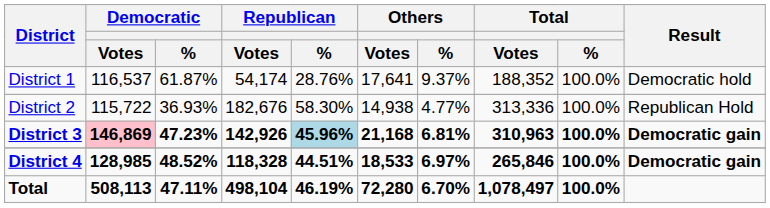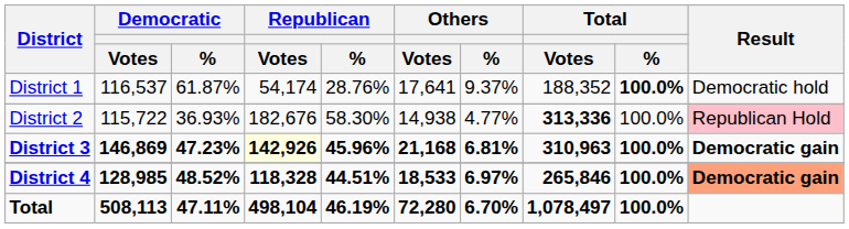 <table class="wikitable plainrowheaders sortable" style="font-size:100%; text-align:right;">
 <tr>
 <th scope=col rowspan=3><a href='#'>District</a></th>
 <th scope=col colspan=2><a href='#'>Democratic</a></th>
 <th scope=col colspan=2><a href='#'>Republican</a></th>
 <th scope=col colspan=2>Others</th>
 <th scope=col colspan=2>Total</th>
 <th scope=col rowspan=3>Result</th>
 </tr>
 <tr>
 <th scope=col colspan=2 style="background:"></th>
 <th scope=col colspan=2 style="background:"></th>
 <th scope=col colspan=2></th>
 <th scope=col colspan=2></th>
 </tr>
 <tr>
 <th scope=col data-sort-type="number">Votes</th>
 <th scope=col data-sort-type="number">%</th>
 <th scope=col data-sort-type="number">Votes</th>
 <th scope=col data-sort-type="number">%</th>
 <th scope=col data-sort-type="number">Votes</th>
 <th scope=col data-sort-type="number">%</th>
 <th scope=col data-sort-type="number">Votes</th>
 <th scope=col data-sort-type="number">%</th>
 </tr>
 <tr>
 <td align=left><a href='#'>District 1</a></td>
 <td>116,537</td>
 <td>61.87%</td>
 <td>54,174</td>
 <td>28.76%</td>
 <td>17,641</td>
 <td>9.37%</td>
 <td>188,352</td>
-<td>100.0%</td>
+<td><strong>100.0%</strong></td>
 <td align=left>Democratic hold</td>
 </tr>
 <tr class="sortbottom" style="font-weight:bold">
 </tr>
 <tr>
 <td align=left><a href='#'>District 2</a></td>
 <td>115,722</td>
 <td>36.93%</td>
 <td>182,676</td>
 <td>58.30%</td>
 <td>14,938</td>
 <td>4.77%</td>
-<td>313,336</td>
+<td><strong>313,336</strong></td>
 <td>100.0%</td>
-<td align=left>Republican Hold</td>
+<td align=left style="background: pink;">Republican Hold</td>
 </tr>
 <tr>
 <td align=left><strong><a href='#'>District 3</a></strong></td>
-<td style="background: pink;"><strong>146,869</strong></td>
+<td><strong>146,869</strong></td>
 <td><strong>47.23%</strong></td>
-<td><strong>142,926</strong></td>
-<td style="background: lightblue;"><strong>45.96%</strong></td>
+<td style="background: lightyellow;"><strong>142,926</strong></td>
+<td><strong>45.96%</strong></td>
 <td><strong>21,168</strong></td>
 <td><strong>6.81%</strong></td>
 <td><strong>310,963</strong></td>
 <td><strong>100.0%</strong></td>
 <td align=left><strong>Democratic gain</strong></td>
 </tr>
 <tr class="sortbottom" style="font-weight:bold">
 </tr>
 <tr>
 <td align=left><strong><a href='#'>District 4</a></strong></td>
 <td><strong>128,985</strong></td>
 <td><strong>48.52%</strong></td>
 <td><strong>118,328</strong></td>
 <td><strong>44.51%</strong></td>
 <td><strong>18,533</strong></td>
 <td><strong>6.97%</strong></td>
 <td><strong>265,846</strong></td>
 <td><strong>100.0%</strong></td>
-<td align=left><strong>Democratic gain</strong></td>
+<td align=left style="background: lightsalmon;"><strong>Democratic gain</strong></td>
 </tr>
 <tr class="sortbottom" style="font-weight:bold">
 <td align=left>Total</td>
 <td>508,113</td>
 <td>47.11%</td>
 <td>498,104</td>
 <td>46.19%</td>
 <td>72,280</td>
 <td>6.70%</td>
 <td>1,078,497</td>
 <td>100.0%</td>
 <td></td>
 </tr>
 </table>
